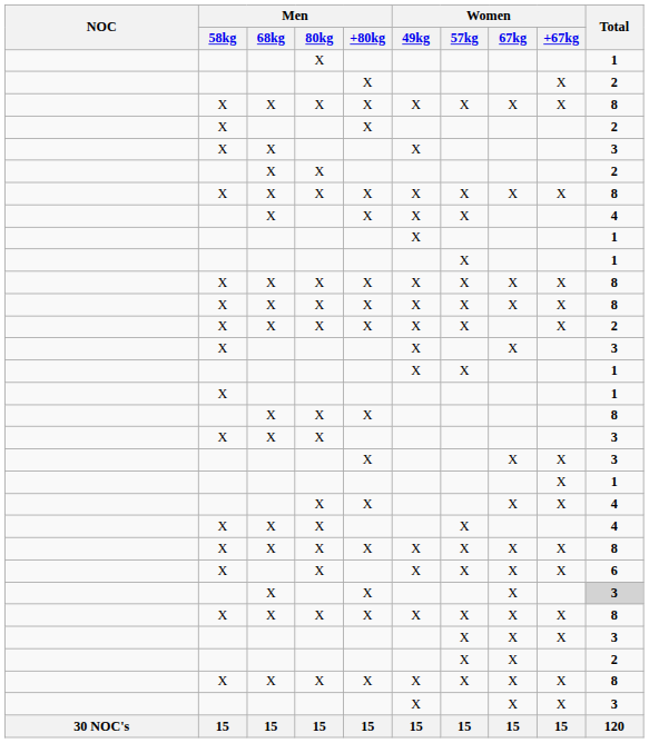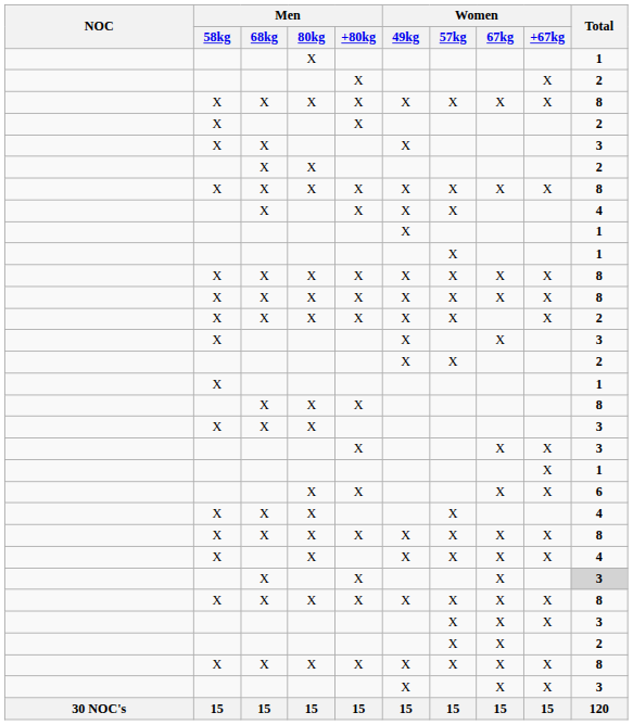 <table class="wikitable" style="text-align:center; font-size:90%">
 <tr>
 <th rowspan="2" width=200 align="left">NOC</th>
 <th colspan="4">Men</th>
 <th colspan="4">Women</th>
 <th width=55 rowspan="2">Total</th>
 </tr>
 <tr>
 <th width=45><a href='#'>58kg</a></th>
 <th width=45><a href='#'>68kg</a></th>
 <th width=45><a href='#'>80kg</a></th>
 <th width=45><a href='#'>+80kg</a></th>
 <th width=45><a href='#'>49kg</a></th>
 <th width=45><a href='#'>57kg</a></th>
 <th width=45><a href='#'>67kg</a></th>
 <th width=45><a href='#'>+67kg</a></th>
 </tr>
 <tr>
 <td align="left"></td>
 <td></td>
 <td></td>
 <td>X</td>
 <td></td>
 <td></td>
 <td></td>
 <td></td>
 <td></td>
 <td><strong>1</strong></td>
 </tr>
 <tr>
 <td align="left"></td>
 <td></td>
 <td></td>
 <td></td>
 <td>X</td>
 <td></td>
 <td></td>
 <td></td>
 <td>X</td>
 <td><strong>2</strong></td>
 </tr>
 <tr>
 <td align="left"></td>
 <td>X</td>
 <td>X</td>
 <td>X</td>
 <td>X</td>
 <td>X</td>
 <td>X</td>
 <td>X</td>
 <td>X</td>
 <td><strong>8</strong></td>
 </tr>
 <tr>
 <td align="left"></td>
 <td>X</td>
 <td></td>
 <td></td>
 <td>X</td>
 <td></td>
 <td></td>
 <td></td>
 <td></td>
 <td><strong>2</strong></td>
 </tr>
 <tr>
 <td align="left"></td>
 <td>X</td>
 <td>X</td>
 <td></td>
 <td></td>
 <td>X</td>
 <td></td>
 <td></td>
 <td></td>
 <td><strong>3</strong></td>
 </tr>
 <tr>
 <td align="left"></td>
 <td></td>
 <td>X</td>
 <td>X</td>
 <td></td>
 <td></td>
 <td></td>
 <td></td>
 <td></td>
 <td><strong>2</strong></td>
 </tr>
 <tr>
 <td align="left"></td>
 <td>X</td>
 <td>X</td>
 <td>X</td>
 <td>X</td>
 <td>X</td>
 <td>X</td>
 <td>X</td>
 <td>X</td>
 <td><strong>8</strong></td>
 </tr>
 <tr>
 <td align="left"></td>
 <td></td>
 <td>X</td>
 <td></td>
 <td>X</td>
 <td>X</td>
 <td>X</td>
 <td></td>
 <td></td>
 <td><strong>4</strong></td>
 </tr>
 <tr>
 <td align="left"></td>
 <td></td>
 <td></td>
 <td></td>
 <td></td>
 <td>X</td>
 <td></td>
 <td></td>
 <td></td>
 <td><strong>1</strong></td>
 </tr>
 <tr>
 <td align="left"></td>
 <td></td>
 <td></td>
 <td></td>
 <td></td>
 <td></td>
 <td>X</td>
 <td></td>
 <td></td>
 <td><strong>1</strong></td>
 </tr>
 <tr>
 <td align="left"></td>
 <td>X</td>
 <td>X</td>
 <td>X</td>
 <td>X</td>
 <td>X</td>
 <td>X</td>
 <td>X</td>
 <td>X</td>
 <td><strong>8</strong></td>
 </tr>
 <tr>
 <td align="left"></td>
 <td>X</td>
 <td>X</td>
 <td>X</td>
 <td>X</td>
 <td>X</td>
 <td>X</td>
 <td>X</td>
 <td>X</td>
 <td><strong>8</strong></td>
 </tr>
 <tr>
 <td align="left"></td>
 <td>X</td>
 <td>X</td>
 <td>X</td>
 <td>X</td>
 <td>X</td>
 <td>X</td>
 <td></td>
 <td>X</td>
 <td><strong>2</strong></td>
 </tr>
 <tr>
 <td align="left"></td>
 <td>X</td>
 <td></td>
 <td></td>
 <td></td>
 <td>X</td>
 <td></td>
 <td>X</td>
 <td></td>
 <td><strong>3</strong></td>
 </tr>
 <tr>
 <td align="left"></td>
 <td></td>
 <td></td>
 <td></td>
 <td></td>
 <td>X</td>
 <td>X</td>
 <td></td>
 <td></td>
-<td><strong>1</strong></td>
+<td><strong>2</strong></td>
 </tr>
 <tr>
 <td align="left"></td>
 <td>X</td>
 <td></td>
 <td></td>
 <td></td>
 <td></td>
 <td></td>
 <td></td>
 <td></td>
 <td><strong>1</strong></td>
 </tr>
 <tr>
 <td align="left"></td>
 <td></td>
 <td>X</td>
 <td>X</td>
 <td>X</td>
 <td></td>
 <td></td>
 <td></td>
 <td></td>
 <td><strong>8</strong></td>
 </tr>
 <tr>
 <td align="left"></td>
 <td>X</td>
 <td>X</td>
 <td>X</td>
 <td></td>
 <td></td>
 <td></td>
 <td></td>
 <td></td>
 <td><strong>3</strong></td>
 </tr>
 <tr>
 <td align="left"></td>
 <td></td>
 <td></td>
 <td></td>
 <td>X</td>
 <td></td>
 <td></td>
 <td>X</td>
 <td>X</td>
 <td><strong>3</strong></td>
 </tr>
 <tr>
 <td align="left"></td>
 <td></td>
 <td></td>
 <td></td>
 <td></td>
 <td></td>
 <td></td>
 <td></td>
 <td>X</td>
 <td><strong>1</strong></td>
 </tr>
 <tr>
 <td align="left"></td>
 <td></td>
 <td></td>
 <td>X</td>
 <td>X</td>
 <td></td>
 <td></td>
 <td>X</td>
 <td>X</td>
-<td><strong>4</strong></td>
+<td><strong>6</strong></td>
 </tr>
 <tr>
 <td align="left"></td>
 <td>X</td>
 <td>X</td>
 <td>X</td>
 <td></td>
 <td></td>
 <td>X</td>
 <td></td>
 <td></td>
 <td><strong>4</strong></td>
 </tr>
 <tr>
 <td align="left"></td>
 <td>X</td>
 <td>X</td>
 <td>X</td>
 <td>X</td>
 <td>X</td>
 <td>X</td>
 <td>X</td>
 <td>X</td>
 <td><strong>8</strong></td>
 </tr>
 <tr>
 <td align="left"></td>
 <td>X</td>
 <td></td>
 <td>X</td>
 <td></td>
 <td>X</td>
 <td>X</td>
 <td>X</td>
 <td>X</td>
-<td><strong>6</strong></td>
+<td><strong>4</strong></td>
 </tr>
 <tr>
 <td align="left"></td>
 <td></td>
 <td>X</td>
 <td></td>
 <td>X</td>
 <td></td>
 <td></td>
 <td>X</td>
 <td></td>
 <td style="background: lightgrey;"><strong>3</strong></td>
 </tr>
 <tr>
 <td align="left"></td>
 <td>X</td>
 <td>X</td>
 <td>X</td>
 <td>X</td>
 <td>X</td>
 <td>X</td>
 <td>X</td>
 <td>X</td>
 <td><strong>8</strong></td>
 </tr>
 <tr>
 <td align="left"></td>
 <td></td>
 <td></td>
 <td></td>
 <td></td>
 <td></td>
 <td>X</td>
 <td>X</td>
 <td>X</td>
 <td><strong>3</strong></td>
 </tr>
 <tr>
 <td align="left"></td>
 <td></td>
 <td></td>
 <td></td>
 <td></td>
 <td></td>
 <td>X</td>
 <td>X</td>
 <td></td>
 <td><strong>2</strong></td>
 </tr>
 <tr>
 <td align="left"></td>
 <td>X</td>
 <td>X</td>
 <td>X</td>
 <td>X</td>
 <td>X</td>
 <td>X</td>
 <td>X</td>
 <td>X</td>
 <td><strong>8</strong></td>
 </tr>
 <tr>
 <td align="left"></td>
 <td></td>
 <td></td>
 <td></td>
 <td></td>
 <td>X</td>
 <td></td>
 <td>X</td>
 <td>X</td>
 <td><strong>3</strong></td>
 </tr>
 <tr>
 <th>30 NOC's</th>
 <th>15</th>
 <th>15</th>
 <th>15</th>
 <th>15</th>
 <th>15</th>
 <th>15</th>
 <th>15</th>
 <th>15</th>
 <th>120</th>
 </tr>
 </table>
